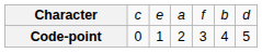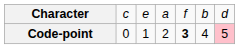 <table class="wikitable" style="width:300px;">
 <tr align=center>
 <th>Character</th>
 <td><em>c</em></td>
 <td><em>e</em></td>
 <td><em>a</em></td>
 <td><em>f</em></td>
 <td><em>b</em></td>
 <td><em>d</em></td>
 </tr>
 <tr align=center>
 <th>Code-point</th>
 <td>0</td>
 <td>1</td>
 <td>2</td>
-<td>3</td>
+<td><strong>3</strong></td>
 <td>4</td>
-<td>5</td>
+<td style="background: pink;">5</td>
 </tr>
 </table>
